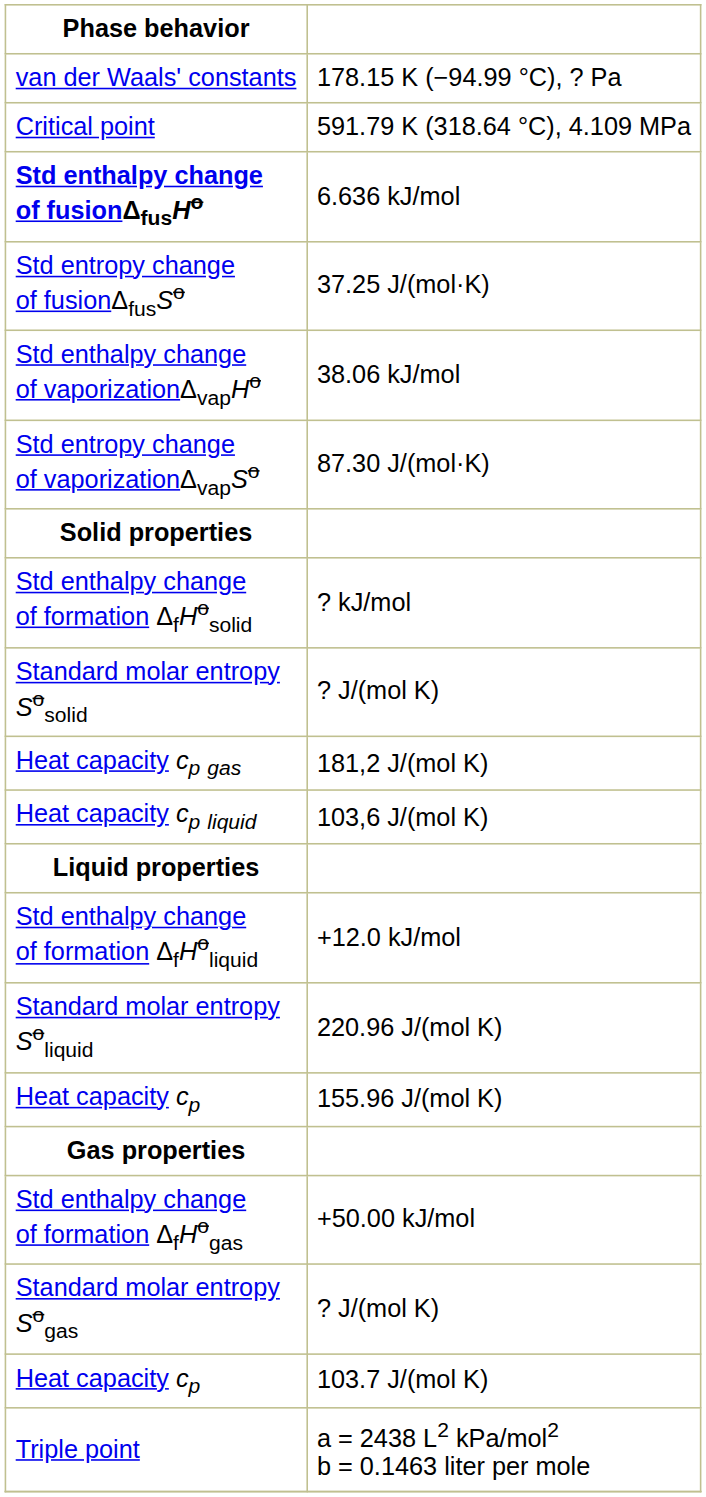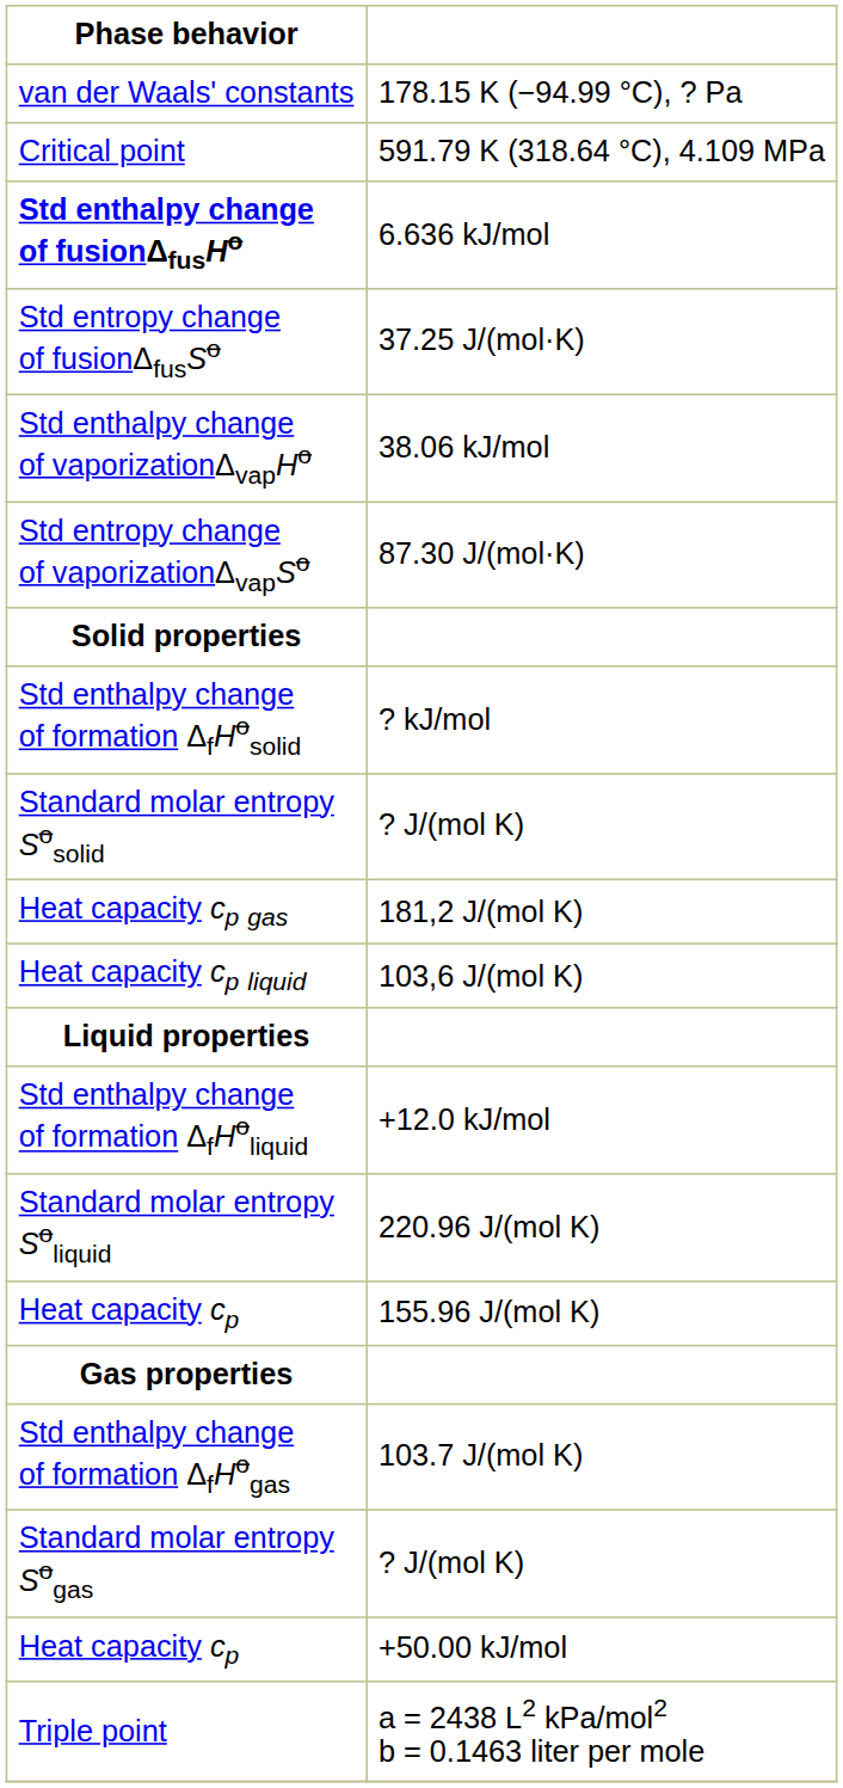 <table border="1" cellspacing="0" cellpadding="6" style="margin: 0 0 0 0.5em; background: #FFFFFF; border-collapse: collapse; border-color: #C0C090;">
 <tr>
 <th>Phase behavior</th>
 </tr>
 <tr>
 <td><a href='#'>van der Waals' constants</a></td>
 <td>178.15 K (−94.99 °C), ? Pa</td>
 </tr>
 <tr>
 <td><a href='#'>Critical point</a></td>
 <td>591.79 K (318.64 °C), 4.109 MPa</td>
 </tr>
 <tr>
 <td><strong><a href='#'>Std enthalpy change<br>of fusion</a>Δ<sub>fus</sub><em>H</em><sup><s>o</s></sup></strong></td>
 <td>6.636 kJ/mol</td>
 </tr>
 <tr>
 <td><a href='#'>Std entropy change<br>of fusion</a>Δ<sub>fus</sub><em>S</em><sup><s>o</s></sup></td>
 <td>37.25 J/(mol·K)</td>
 </tr>
 <tr>
 <td><a href='#'>Std enthalpy change<br>of vaporization</a>Δ<sub>vap</sub><em>H</em><sup><s>o</s></sup></td>
 <td>38.06 kJ/mol</td>
 </tr>
 <tr>
 <td><a href='#'>Std entropy change<br>of vaporization</a>Δ<sub>vap</sub><em>S</em><sup><s>o</s></sup></td>
 <td>87.30 J/(mol·K)</td>
 </tr>
 <tr>
 <th>Solid properties</th>
 </tr>
 <tr>
 <td><a href='#'>Std enthalpy change<br>of formation</a> Δ<sub>f</sub><em>H</em><sup><s>o</s></sup><sub>solid</sub></td>
 <td>? kJ/mol</td>
 </tr>
 <tr>
 <td><a href='#'>Standard molar entropy</a><br><em>S</em><sup><s>o</s></sup><sub>solid</sub></td>
 <td>? J/(mol K)</td>
 </tr>
 <tr>
 <td><a href='#'>Heat capacity</a> <em>c<sub>p</sub> <sub>gas</sub></em></td>
 <td>181,2 J/(mol K)</td>
 </tr>
 <tr>
 <td><a href='#'>Heat capacity</a> <em>c<sub>p</sub> <sub>liquid</sub></em></td>
 <td>103,6 J/(mol K)</td>
 </tr>
 <tr>
 <th>Liquid properties</th>
 </tr>
 <tr>
 <td><a href='#'>Std enthalpy change<br>of formation</a> Δ<sub>f</sub><em>H</em><sup><s>o</s></sup><sub>liquid</sub></td>
 <td>+12.0 kJ/mol</td>
 </tr>
 <tr>
 <td><a href='#'>Standard molar entropy</a><br><em>S</em><sup><s>o</s></sup><sub>liquid</sub></td>
 <td>220.96 J/(mol K)</td>
 </tr>
 <tr>
 <td><a href='#'>Heat capacity</a> <em>c<sub>p</sub></em></td>
 <td>155.96 J/(mol K)</td>
 </tr>
 <tr>
 <th>Gas properties</th>
 </tr>
 <tr>
 <td><a href='#'>Std enthalpy change<br>of formation</a> Δ<sub>f</sub><em>H</em><sup><s>o</s></sup><sub>gas</sub></td>
-<td>+50.00 kJ/mol</td>
+<td>103.7 J/(mol K)</td>
 </tr>
 <tr>
 <td><a href='#'>Standard molar entropy</a><br><em>S</em><sup><s>o</s></sup><sub>gas</sub></td>
 <td>? J/(mol K)</td>
 </tr>
 <tr>
 <td><a href='#'>Heat capacity</a> <em>c<sub>p</sub></em></td>
-<td>103.7 J/(mol K)</td>
+<td>+50.00 kJ/mol</td>
 </tr>
 <tr>
 <td><a href='#'>Triple point</a></td>
 <td>a = 2438 L<sup>2</sup> kPa/mol<sup>2</sup><br> b = 0.1463 liter per mole</td>
 </tr>
 <tr>
 </tr>
 </table>
